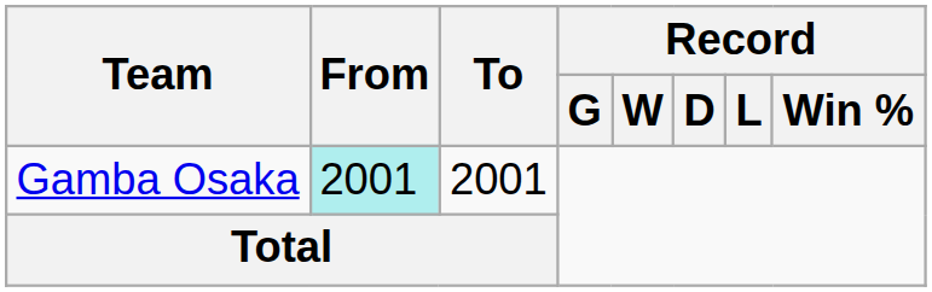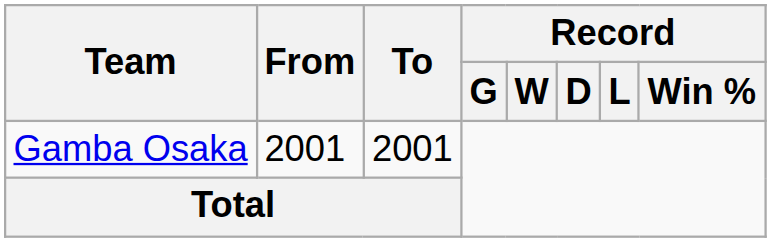 <table class="wikitable" style="text-align: center">
 <tr>
 <th rowspan="2">Team</th>
 <th rowspan="2">From</th>
 <th rowspan="2">To</th>
 <th colspan="5">Record</th>
 </tr>
 <tr>
 <th>G</th>
 <th>W</th>
 <th>D</th>
 <th>L</th>
 <th>Win %</th>
 </tr>
 <tr>
 <td align="left"><a href='#'>Gamba Osaka</a></td>
-<td align="left" style="background: paleturquoise;">2001</td>
+<td align="left">2001</td>
 <td align="left">2001<br></td>
 </tr>
 <tr>
 <th colspan="3">Total<br></th>
 </tr>
 </table>
